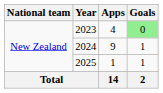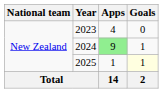 <table class="wikitable" style="text-align: center;">
 <tr>
 <th>National team</th>
 <th>Year</th>
 <th>Apps</th>
 <th>Goals</th>
 </tr>
 <tr>
 <td rowspan="3" valign="center"><a href='#'>New Zealand</a></td>
 <td>2023</td>
 <td>4</td>
-<td style="background: lightgreen;">0</td>
+<td>0</td>
 </tr>
 <tr>
 <td>2024</td>
-<td>9</td>
+<td style="background: lightgreen;">9</td>
 <td>1</td>
 </tr>
 <tr>
 <td>2025</td>
 <td>1</td>
-<td>1</td>
+<td style="background: lightyellow;">1</td>
 </tr>
 <tr>
 <th colspan="2">Total</th>
 <th>14</th>
 <th>2</th>
 </tr>
 </table>
